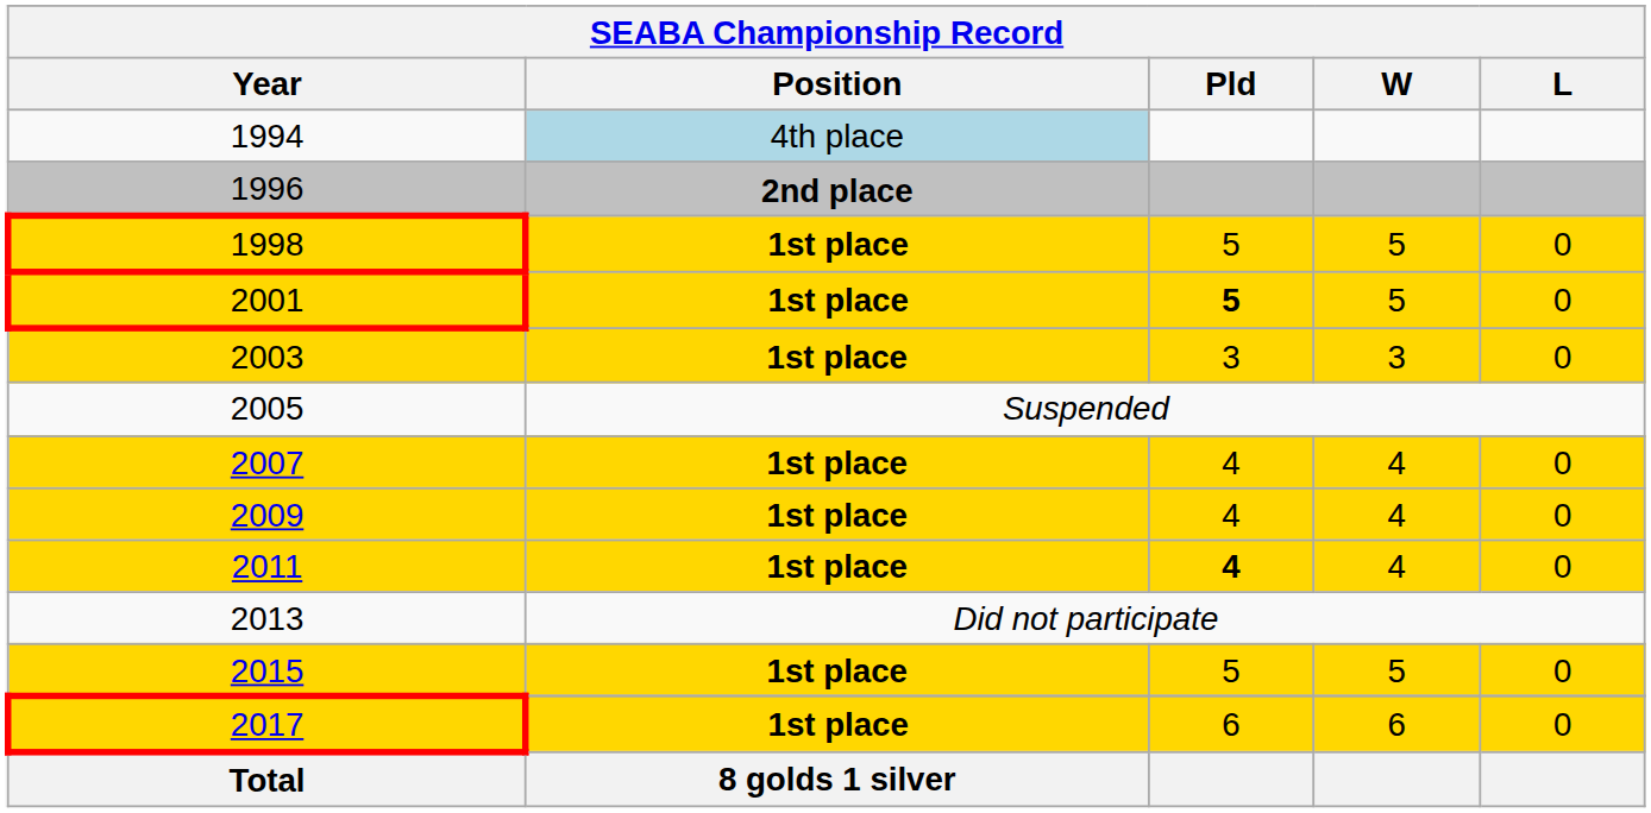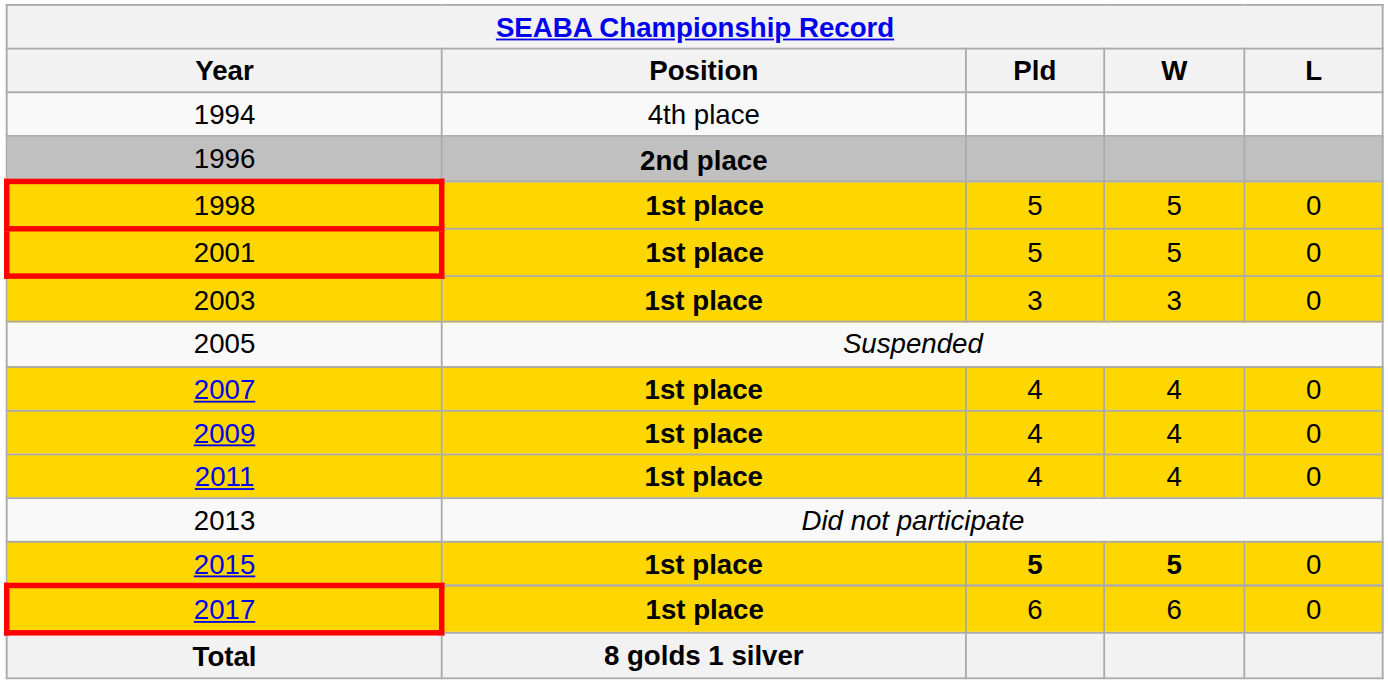 <table class="wikitable collapsible autocollapse" style="text-align: center; font-size:95%;" width=60%>
 <tr>
 <th colspan=9><a href='#'>SEABA Championship Record</a></th>
 </tr>
 <tr>
 <th width=25%>Year</th>
 <th width=30%>Position</th>
 <th width=8%>Pld</th>
 <th width=8%>W</th>
 <th width=8%>L</th>
 </tr>
 <tr>
 <td> 1994</td>
-<td style="background: lightblue;">4th place</td>
+<td>4th place</td>
 <td></td>
 <td></td>
 <td></td>
 </tr>
 <tr bgcolor=silver>
 <td> 1996</td>
 <td><strong>2nd place</strong></td>
 <td></td>
 <td></td>
 <td></td>
 </tr>
 <tr bgcolor=gold>
 <td style="border: 3px solid red"> 1998</td>
 <td><strong>1st place</strong></td>
 <td>5</td>
 <td>5</td>
 <td>0</td>
 </tr>
 <tr bgcolor=gold>
 <td style="border: 3px solid red"> 2001</td>
 <td><strong>1st place</strong></td>
-<td><strong>5</strong></td>
+<td>5</td>
 <td>5</td>
 <td>0</td>
 </tr>
 <tr bgcolor=gold>
 <td> 2003</td>
 <td><strong>1st place</strong></td>
 <td>3</td>
 <td>3</td>
 <td>0</td>
 </tr>
 <tr>
 <td> 2005</td>
 <td colspan=4><em>Suspended</em></td>
 </tr>
 <tr bgcolor=gold>
 <td> <a href='#'>2007</a></td>
 <td><strong>1st place</strong></td>
 <td>4</td>
 <td>4</td>
 <td>0</td>
 </tr>
 <tr bgcolor=gold>
 <td> <a href='#'>2009</a></td>
 <td><strong>1st place</strong></td>
 <td>4</td>
 <td>4</td>
 <td>0</td>
 </tr>
 <tr bgcolor=gold>
 <td> <a href='#'>2011</a></td>
 <td><strong>1st place</strong></td>
-<td><strong>4</strong></td>
+<td>4</td>
 <td>4</td>
 <td>0</td>
 </tr>
 <tr>
 <td> 2013</td>
 <td colspan=4><em>Did not participate</em></td>
 </tr>
 <tr bgcolor=gold>
 <td> <a href='#'>2015</a></td>
 <td><strong>1st place</strong></td>
-<td>5</td>
-<td>5</td>
+<td><strong>5</strong></td>
+<td><strong>5</strong></td>
 <td>0</td>
 </tr>
 <tr>
 </tr>
 <tr bgcolor=gold>
 <td style="border: 3px solid red"> <a href='#'>2017</a></td>
 <td><strong>1st place</strong></td>
 <td>6</td>
 <td>6</td>
 <td>0</td>
 </tr>
 <tr>
 <th><strong>Total</strong></th>
 <th>8 golds 1 silver</th>
 <th></th>
 <th></th>
 <th></th>
 </tr>
 </table>
